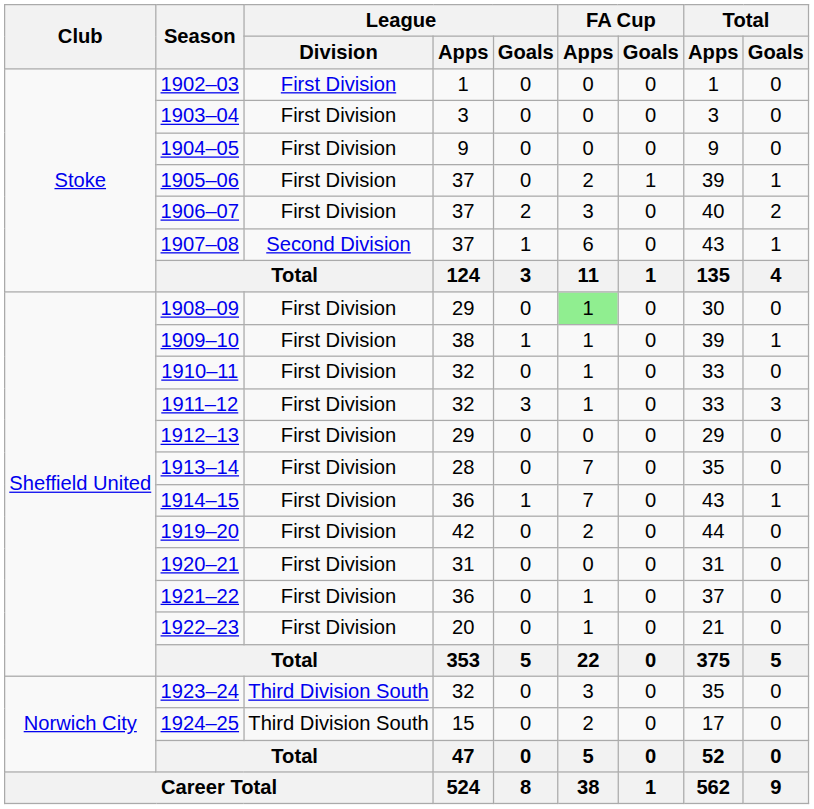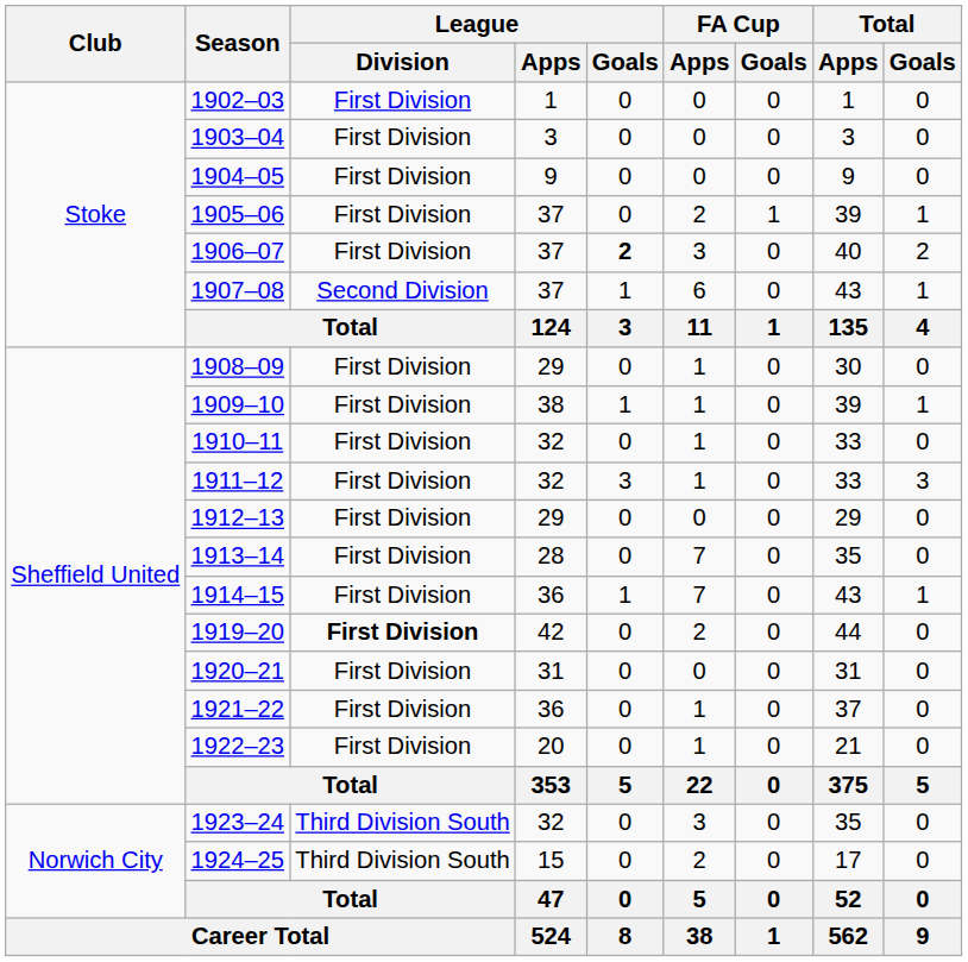 <table class="wikitable" style="text-align: center;">
 <tr>
 <th rowspan="2">Club</th>
 <th rowspan="2">Season</th>
 <th colspan="3">League</th>
 <th colspan="2">FA Cup</th>
 <th colspan="2">Total</th>
 </tr>
 <tr>
 <th>Division</th>
 <th>Apps</th>
 <th>Goals</th>
 <th>Apps</th>
 <th>Goals</th>
 <th>Apps</th>
 <th>Goals</th>
 </tr>
 <tr>
 <td rowspan="7"><a href='#'>Stoke</a></td>
 <td><a href='#'>1902–03</a></td>
 <td><a href='#'>First Division</a></td>
 <td>1</td>
 <td>0</td>
 <td>0</td>
 <td>0</td>
 <td>1</td>
 <td>0</td>
 </tr>
 <tr>
 <td><a href='#'>1903–04</a></td>
 <td>First Division</td>
 <td>3</td>
 <td>0</td>
 <td>0</td>
 <td>0</td>
 <td>3</td>
 <td>0</td>
 </tr>
 <tr>
 <td><a href='#'>1904–05</a></td>
 <td>First Division</td>
 <td>9</td>
 <td>0</td>
 <td>0</td>
 <td>0</td>
 <td>9</td>
 <td>0</td>
 </tr>
 <tr>
 <td><a href='#'>1905–06</a></td>
 <td>First Division</td>
 <td>37</td>
 <td>0</td>
 <td>2</td>
 <td>1</td>
 <td>39</td>
 <td>1</td>
 </tr>
 <tr>
 <td><a href='#'>1906–07</a></td>
 <td>First Division</td>
 <td>37</td>
-<td>2</td>
+<td><strong>2</strong></td>
 <td>3</td>
 <td>0</td>
 <td>40</td>
 <td>2</td>
 </tr>
 <tr>
 <td><a href='#'>1907–08</a></td>
 <td><a href='#'>Second Division</a></td>
 <td>37</td>
 <td>1</td>
 <td>6</td>
 <td>0</td>
 <td>43</td>
 <td>1</td>
 </tr>
 <tr>
 <th colspan="2">Total</th>
 <th>124</th>
 <th>3</th>
 <th>11</th>
 <th>1</th>
 <th>135</th>
 <th>4</th>
 </tr>
 <tr>
 <td rowspan="12"><a href='#'>Sheffield United</a></td>
 <td><a href='#'>1908–09</a></td>
 <td>First Division</td>
 <td>29</td>
 <td>0</td>
-<td style="background: lightgreen;">1</td>
+<td>1</td>
 <td>0</td>
 <td>30</td>
 <td>0</td>
 </tr>
 <tr>
 <td><a href='#'>1909–10</a></td>
 <td>First Division</td>
 <td>38</td>
 <td>1</td>
 <td>1</td>
 <td>0</td>
 <td>39</td>
 <td>1</td>
 </tr>
 <tr>
 <td><a href='#'>1910–11</a></td>
 <td>First Division</td>
 <td>32</td>
 <td>0</td>
 <td>1</td>
 <td>0</td>
 <td>33</td>
 <td>0</td>
 </tr>
 <tr>
 <td><a href='#'>1911–12</a></td>
 <td>First Division</td>
 <td>32</td>
 <td>3</td>
 <td>1</td>
 <td>0</td>
 <td>33</td>
 <td>3</td>
 </tr>
 <tr>
 <td><a href='#'>1912–13</a></td>
 <td>First Division</td>
 <td>29</td>
 <td>0</td>
 <td>0</td>
 <td>0</td>
 <td>29</td>
 <td>0</td>
 </tr>
 <tr>
 <td><a href='#'>1913–14</a></td>
 <td>First Division</td>
 <td>28</td>
 <td>0</td>
 <td>7</td>
 <td>0</td>
 <td>35</td>
 <td>0</td>
 </tr>
 <tr>
 <td><a href='#'>1914–15</a></td>
 <td>First Division</td>
 <td>36</td>
 <td>1</td>
 <td>7</td>
 <td>0</td>
 <td>43</td>
 <td>1</td>
 </tr>
 <tr>
 <td><a href='#'>1919–20</a></td>
-<td>First Division</td>
+<td><strong>First Division</strong></td>
 <td>42</td>
 <td>0</td>
 <td>2</td>
 <td>0</td>
 <td>44</td>
 <td>0</td>
 </tr>
 <tr>
 <td><a href='#'>1920–21</a></td>
 <td>First Division</td>
 <td>31</td>
 <td>0</td>
 <td>0</td>
 <td>0</td>
 <td>31</td>
 <td>0</td>
 </tr>
 <tr>
 <td><a href='#'>1921–22</a></td>
 <td>First Division</td>
 <td>36</td>
 <td>0</td>
 <td>1</td>
 <td>0</td>
 <td>37</td>
 <td>0</td>
 </tr>
 <tr>
 <td><a href='#'>1922–23</a></td>
 <td>First Division</td>
 <td>20</td>
 <td>0</td>
 <td>1</td>
 <td>0</td>
 <td>21</td>
 <td>0</td>
 </tr>
 <tr>
 <th colspan="2">Total</th>
 <th>353</th>
 <th>5</th>
 <th>22</th>
 <th>0</th>
 <th>375</th>
 <th>5</th>
 </tr>
 <tr>
 <td rowspan="3"><a href='#'>Norwich City</a></td>
 <td><a href='#'>1923–24</a></td>
 <td><a href='#'>Third Division South</a></td>
 <td>32</td>
 <td>0</td>
 <td>3</td>
 <td>0</td>
 <td>35</td>
 <td>0</td>
 </tr>
 <tr>
 <td><a href='#'>1924–25</a></td>
 <td>Third Division South</td>
 <td>15</td>
 <td>0</td>
 <td>2</td>
 <td>0</td>
 <td>17</td>
 <td>0</td>
 </tr>
 <tr>
 <th colspan="2">Total</th>
 <th>47</th>
 <th>0</th>
 <th>5</th>
 <th>0</th>
 <th>52</th>
 <th>0</th>
 </tr>
 <tr>
 <th colspan="3">Career Total</th>
 <th>524</th>
 <th>8</th>
 <th>38</th>
 <th>1</th>
 <th>562</th>
 <th>9</th>
 </tr>
 </table>
